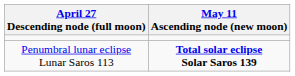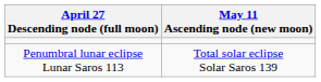 <table class="wikitable">
 <tr>
 <th><a href='#'>April 27</a><br>Descending node (full moon)<br></th>
 <th><a href='#'>May 11</a><br>Ascending node (new moon)<br></th>
 </tr>
 <tr>
 <td></td>
 <td></td>
 </tr>
 <tr align=center>
 <td><a href='#'>Penumbral lunar eclipse</a><br>Lunar Saros 113</td>
-<td><strong><a href='#'>Total solar eclipse</a><br>Solar Saros 139</strong></td>
+<td><a href='#'>Total solar eclipse</a><br>Solar Saros 139</td>
 </tr>
 </table>
